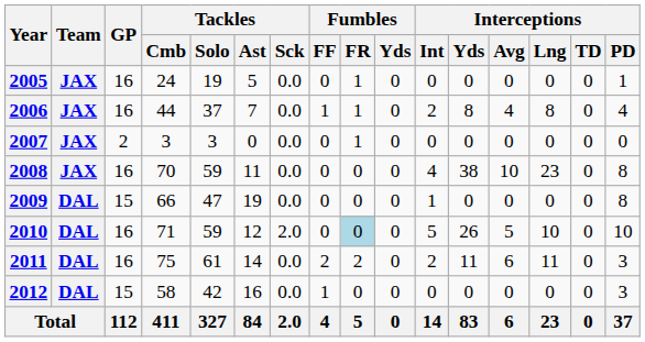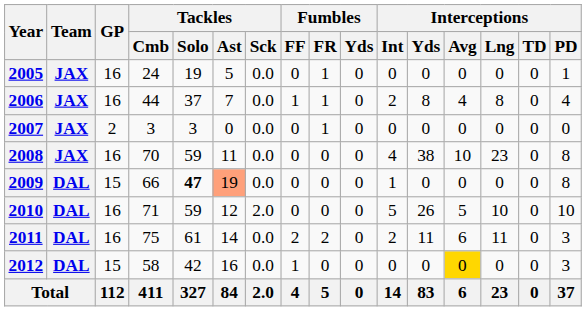 <table class="wikitable" style="text-align: center;">
 <tr>
 <th rowspan="2">Year</th>
 <th rowspan="2">Team</th>
 <th rowspan="2">GP</th>
 <th colspan="4">Tackles</th>
 <th colspan="3">Fumbles</th>
 <th colspan="6">Interceptions</th>
 </tr>
 <tr>
 <th>Cmb</th>
 <th>Solo</th>
 <th>Ast</th>
 <th>Sck</th>
 <th>FF</th>
 <th>FR</th>
 <th>Yds</th>
 <th>Int</th>
 <th>Yds</th>
 <th>Avg</th>
 <th>Lng</th>
 <th>TD</th>
 <th>PD</th>
 </tr>
 <tr>
 <th><a href='#'>2005</a></th>
 <th><a href='#'>JAX</a></th>
 <td>16</td>
 <td>24</td>
 <td>19</td>
 <td>5</td>
 <td>0.0</td>
 <td>0</td>
 <td>1</td>
 <td>0</td>
 <td>0</td>
 <td>0</td>
 <td>0</td>
 <td>0</td>
 <td>0</td>
 <td>1</td>
 </tr>
 <tr>
 <th><a href='#'>2006</a></th>
 <th><a href='#'>JAX</a></th>
 <td>16</td>
 <td>44</td>
 <td>37</td>
 <td>7</td>
 <td>0.0</td>
 <td>1</td>
 <td>1</td>
 <td>0</td>
 <td>2</td>
 <td>8</td>
 <td>4</td>
 <td>8</td>
 <td>0</td>
 <td>4</td>
 </tr>
 <tr>
 <th><a href='#'>2007</a></th>
 <th><a href='#'>JAX</a></th>
 <td>2</td>
 <td>3</td>
 <td>3</td>
 <td>0</td>
 <td>0.0</td>
 <td>0</td>
 <td>1</td>
 <td>0</td>
 <td>0</td>
 <td>0</td>
 <td>0</td>
 <td>0</td>
 <td>0</td>
 <td>0</td>
 </tr>
 <tr>
 <th><a href='#'>2008</a></th>
 <th><a href='#'>JAX</a></th>
 <td>16</td>
 <td>70</td>
 <td>59</td>
 <td>11</td>
 <td>0.0</td>
 <td>0</td>
 <td>0</td>
 <td>0</td>
 <td>4</td>
 <td>38</td>
 <td>10</td>
 <td>23</td>
 <td>0</td>
 <td>8</td>
 </tr>
 <tr>
 <th><a href='#'>2009</a></th>
 <th><a href='#'>DAL</a></th>
 <td>15</td>
 <td>66</td>
-<td>47</td>
-<td>19</td>
+<td><strong>47</strong></td>
+<td style="background: lightsalmon;">19</td>
 <td>0.0</td>
 <td>0</td>
 <td>0</td>
 <td>0</td>
 <td>1</td>
 <td>0</td>
 <td>0</td>
 <td>0</td>
 <td>0</td>
 <td>8</td>
 </tr>
 <tr>
 <th><a href='#'>2010</a></th>
 <th><a href='#'>DAL</a></th>
 <td>16</td>
 <td>71</td>
 <td>59</td>
 <td>12</td>
 <td>2.0</td>
 <td>0</td>
-<td style="background: lightblue;">0</td>
+<td>0</td>
 <td>0</td>
 <td>5</td>
 <td>26</td>
 <td>5</td>
 <td>10</td>
 <td>0</td>
 <td>10</td>
 </tr>
 <tr>
 <th><a href='#'>2011</a></th>
 <th><a href='#'>DAL</a></th>
 <td>16</td>
 <td>75</td>
 <td>61</td>
 <td>14</td>
 <td>0.0</td>
 <td>2</td>
 <td>2</td>
 <td>0</td>
 <td>2</td>
 <td>11</td>
 <td>6</td>
 <td>11</td>
 <td>0</td>
 <td>3</td>
 </tr>
 <tr>
 <th><a href='#'>2012</a></th>
 <th><a href='#'>DAL</a></th>
 <td>15</td>
 <td>58</td>
 <td>42</td>
 <td>16</td>
 <td>0.0</td>
 <td>1</td>
 <td>0</td>
 <td>0</td>
 <td>0</td>
 <td>0</td>
-<td>0</td>
+<td style="background: gold;">0</td>
 <td>0</td>
 <td>0</td>
 <td>3</td>
 </tr>
 <tr>
 <th colspan="2">Total</th>
 <th>112</th>
 <th>411</th>
 <th>327</th>
 <th>84</th>
 <th>2.0</th>
 <th>4</th>
 <th>5</th>
 <th>0</th>
 <th>14</th>
 <th>83</th>
 <th>6</th>
 <th>23</th>
 <th>0</th>
 <th>37</th>
 </tr>
 </table>
